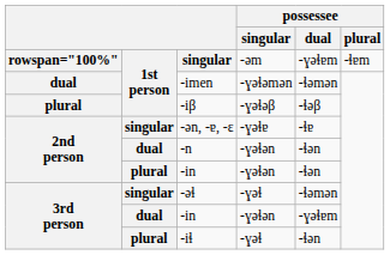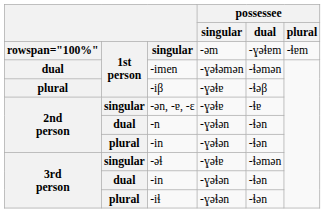 <table class="wikitable">
 <tr>
 <th rowspan="2" colspan="3"></th>
 <th colspan="100%">possessee</th>
 </tr>
 <tr>
 <th>singular</th>
 <th>dual</th>
 <th>plural</th>
 </tr>
 <tr>
 <th>rowspan="100%" </th>
 <th rowspan="3">1st<br>person</th>
 <th>singular</th>
 <td>-əm</td>
 <td>-ɣəɬɐm</td>
 <td>-ɬɐm</td>
 </tr>
 <tr>
 <th>dual</th>
 <td>-imen</td>
 <td>-ɣəɬəmən</td>
 <td>-ɬəmən</td>
 </tr>
 <tr>
 <th>plural</th>
 <td>-iβ</td>
-<td>-ɣəɬəβ</td>
+<td>-ɣəɬɐ</td>
 <td>-ɬəβ</td>
 </tr>
 <tr>
 <th rowspan="3">2nd<br>person</th>
 <th>singular</th>
 <td>-ən, -ɐ, -ɛ</td>
 <td>-ɣəɬɐ</td>
 <td>-ɬɐ</td>
 </tr>
 <tr>
 <th>dual</th>
 <td>-n</td>
 <td>-ɣəɬən</td>
 <td>-ɬən</td>
 </tr>
 <tr>
 <th>plural</th>
 <td>-in</td>
 <td>-ɣəɬən</td>
 <td>-ɬən</td>
 </tr>
 <tr>
 <th rowspan="3">3rd<br>person</th>
 <th>singular</th>
 <td>-əɬ</td>
-<td>-ɣəɬ</td>
+<td>-ɣəɬɐ</td>
 <td>-ɬəmən</td>
 </tr>
 <tr>
 <th>dual</th>
 <td>-in</td>
 <td>-ɣəɬən</td>
-<td>-ɣəɬɐm</td>
+<td>-ɬən</td>
 </tr>
 <tr>
 <th>plural</th>
 <td>-iɬ</td>
-<td>-ɣəɬ</td>
+<td>-ɣəɬən</td>
 <td>-ɬən</td>
 </tr>
 </table>
